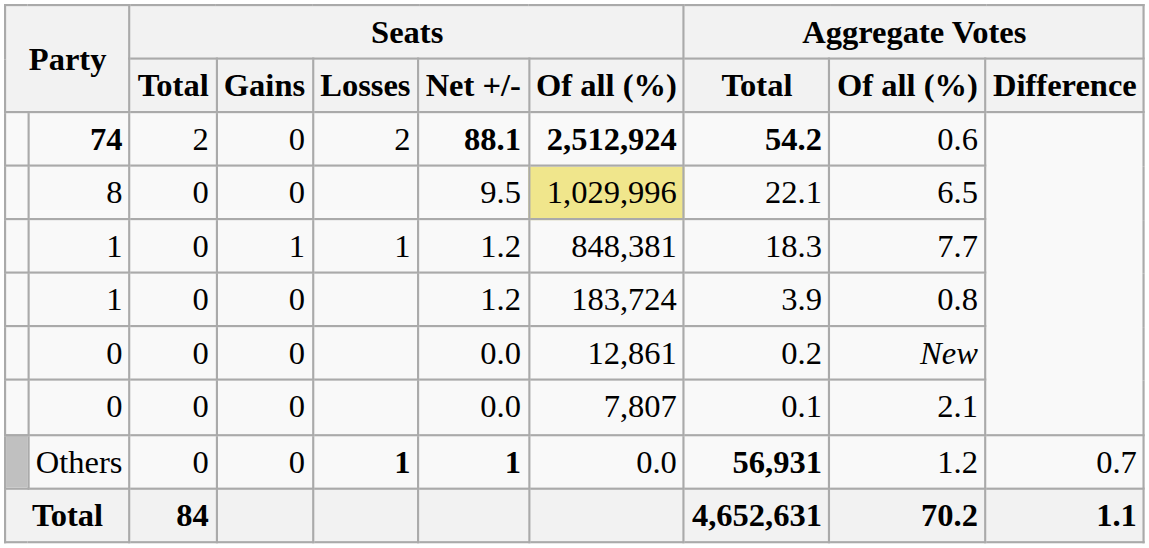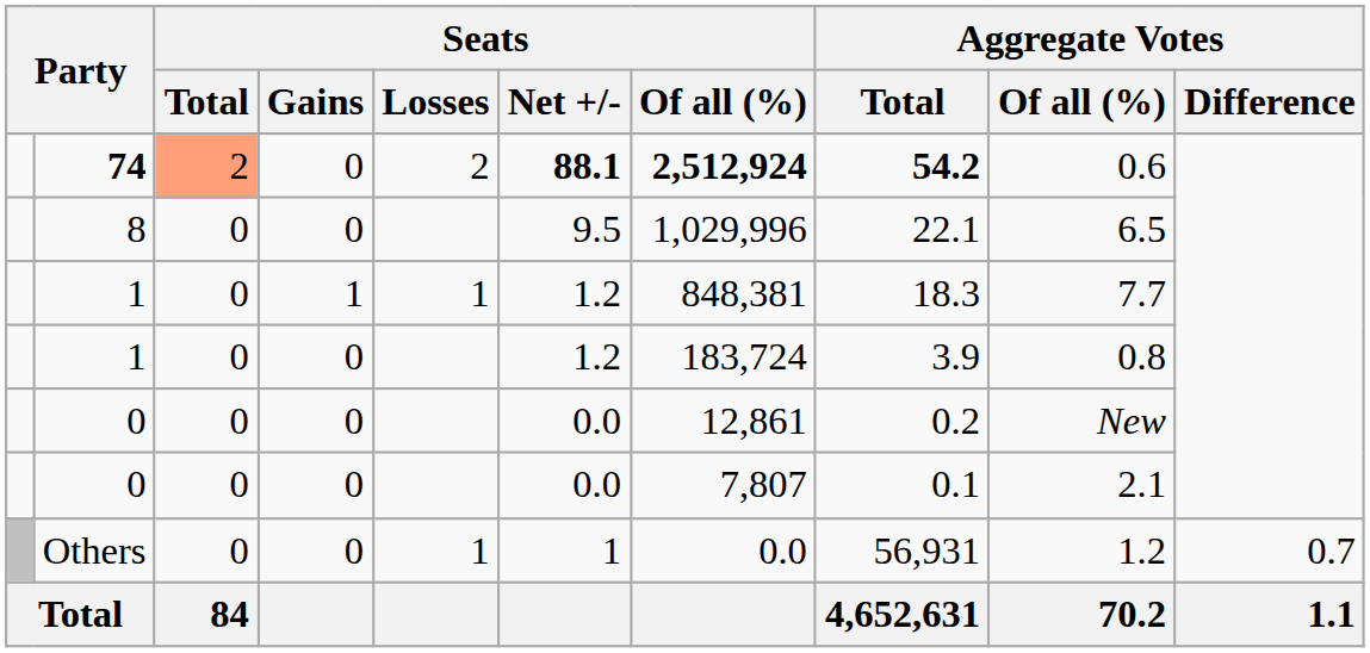 <table class="wikitable sortable" style="text-align:right; font-size:95%;">
 <tr>
 <th colspan="2" rowspan="2">Party</th>
 <th colspan="5">Seats</th>
 <th colspan="3">Aggregate Votes</th>
 </tr>
 <tr>
 <th>Total</th>
 <th>Gains</th>
 <th>Losses</th>
 <th>Net +/-</th>
 <th>Of all (%)</th>
 <th>Total</th>
 <th>Of all (%)</th>
 <th>Difference</th>
 </tr>
 <tr>
 <td></td>
 <td><strong>74</strong></td>
-<td>2</td>
+<td style="background: lightsalmon;">2</td>
 <td>0</td>
 <td>2</td>
 <td><strong>88.1</strong></td>
 <td><strong>2,512,924</strong></td>
 <td><strong>54.2</strong></td>
 <td>0.6</td>
 </tr>
 <tr>
 <td></td>
 <td>8</td>
 <td>0</td>
 <td>0</td>
 <td></td>
 <td>9.5</td>
-<td style="background: khaki;">1,029,996</td>
+<td>1,029,996</td>
 <td>22.1</td>
 <td>6.5</td>
 </tr>
 <tr>
 <td></td>
 <td>1</td>
 <td>0</td>
 <td>1</td>
 <td>1</td>
 <td>1.2</td>
 <td>848,381</td>
 <td>18.3</td>
 <td>7.7</td>
 </tr>
 <tr>
 <td></td>
 <td>1</td>
 <td>0</td>
 <td>0</td>
 <td></td>
 <td>1.2</td>
 <td>183,724</td>
 <td>3.9</td>
 <td>0.8</td>
 </tr>
 <tr>
 <td></td>
 <td>0</td>
 <td>0</td>
 <td>0</td>
 <td></td>
 <td>0.0</td>
 <td>12,861</td>
 <td>0.2</td>
 <td><em>New</em></td>
 </tr>
 <tr>
 <td></td>
 <td>0</td>
 <td>0</td>
 <td>0</td>
 <td></td>
 <td>0.0</td>
 <td>7,807</td>
 <td>0.1</td>
 <td>2.1</td>
 </tr>
 <tr>
 <td style="background:silver;"> </td>
 <td align=left>Others</td>
 <td>0</td>
 <td>0</td>
-<td><strong>1</strong></td>
-<td><strong>1</strong></td>
+<td>1</td>
+<td>1</td>
 <td>0.0</td>
-<td><strong>56,931</strong></td>
+<td>56,931</td>
 <td>1.2</td>
 <td>0.7</td>
 </tr>
 <tr class="sortbottom">
 <th colspan="2" style="background:#f2f2f2">Total</th>
 <td style="background:#f2f2f2;"><strong>84</strong></td>
 <td style="background:#f2f2f2;"></td>
 <td style="background:#f2f2f2;"></td>
 <td style="background:#f2f2f2;"></td>
 <td style="background:#f2f2f2;"></td>
 <td style="background:#f2f2f2;"><strong>4,652,631</strong></td>
 <td style="background:#f2f2f2;"><strong>70.2</strong></td>
 <td style="background:#f2f2f2;"><strong>1.1</strong></td>
 </tr>
 </table>
